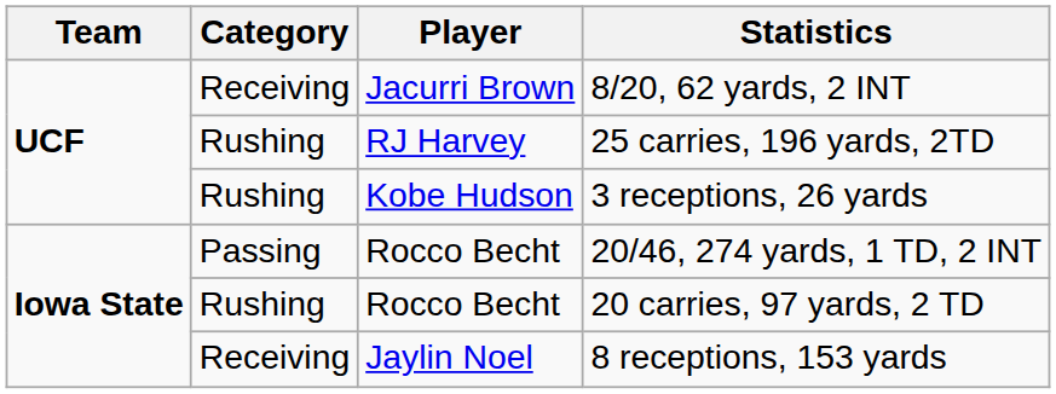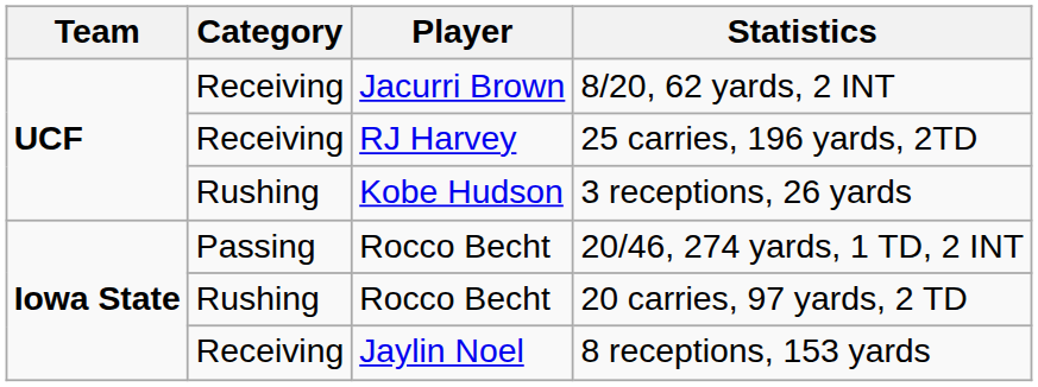 <table class="wikitable" style="float: right;">
 <tr>
 <th>Team</th>
 <th>Category</th>
 <th>Player</th>
 <th>Statistics</th>
 </tr>
 <tr>
 <td rowspan=3><strong>UCF</strong></td>
 <td>Receiving</td>
 <td><a href='#'>Jacurri Brown</a></td>
 <td>8/20, 62 yards, 2 INT</td>
 </tr>
 <tr>
-<td>Rushing</td>
+<td>Receiving</td>
 <td><a href='#'>RJ Harvey</a></td>
 <td>25 carries, 196 yards, 2TD</td>
 </tr>
 <tr>
 <td>Rushing</td>
 <td><a href='#'>Kobe Hudson</a></td>
 <td>3 receptions, 26 yards</td>
 </tr>
 <tr>
 <td rowspan=3><strong>Iowa State</strong></td>
 <td>Passing</td>
 <td>Rocco Becht</td>
 <td>20/46, 274 yards, 1 TD, 2 INT</td>
 </tr>
 <tr>
 <td>Rushing</td>
 <td>Rocco Becht</td>
 <td>20 carries, 97 yards, 2 TD</td>
 </tr>
 <tr>
 <td>Receiving</td>
 <td><a href='#'>Jaylin Noel</a></td>
 <td>8 receptions, 153 yards</td>
 </tr>
 </table>
